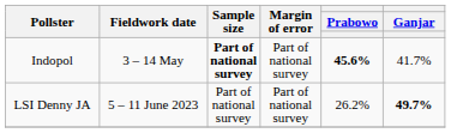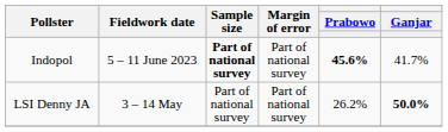 <table class="wikitable" style="text-align:center; font-size:90%; line-height:14px;">
 <tr bgcolor=lightgray>
 <th style="width:95px;" rowspan="3">Pollster</th>
 <th style="width:110px;" rowspan="3">Fieldwork date</th>
 <th style="width:35px;" rowspan="3">Sample size</th>
 <th rowspan="3" style="width:60px;">Margin of error</th>
 <th style="width:60px;"></th>
 <th style="width:60px;"></th>
 </tr>
 <tr>
 <th><a href='#'>Prabowo</a> <br></th>
 <th><a href='#'>Ganjar</a> <br></th>
 </tr>
 <tr>
 <th class="unsortable" style="color:inherit;background:"></th>
 <th class="unsortable" style="color:inherit;background:"></th>
 </tr>
 <tr>
 <td>Indopol</td>
-<td>3 – 14 May</td>
+<td>5 – 11 June 2023</td>
 <td><strong>Part of national survey</strong></td>
 <td>Part of national survey</td>
 <td style="background-color:#"><strong>45.6%</strong></td>
 <td>41.7%</td>
 </tr>
 <tr>
 <td>LSI Denny JA</td>
-<td>5 – 11 June 2023</td>
+<td>3 – 14 May</td>
 <td>Part of national survey</td>
 <td>Part of national survey</td>
 <td>26.2%</td>
-<td style="background-color:#"><strong>49.7%</strong></td>
+<td style="background-color:#"><strong>50.0%</strong></td>
 </tr>
 <tr>
 </tr>
 </table>
